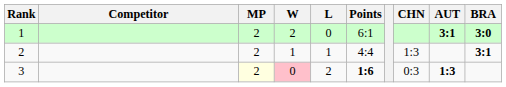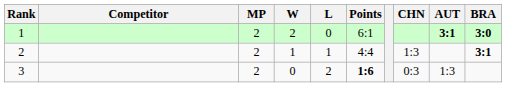 <table class="wikitable" style="text-align:center">
 <tr>
 <th>Rank</th>
 <th style="width:16em">Competitor</th>
 <th style="width:2.5em">MP</th>
 <th style="width:2.5em">W</th>
 <th style="width:2.5em">L</th>
 <th>Points</th>
 <th rowspan="4"> </th>
 <th style="width:2.5em">CHN</th>
 <th style="width:2.5em">AUT</th>
 <th style="width:2.5em">BRA</th>
 </tr>
 <tr style="background:#cfc;">
 <td>1</td>
 <td style="text-align:left"></td>
 <td>2</td>
 <td>2</td>
 <td>0</td>
 <td>6:1</td>
 <td></td>
 <td><strong>3:1</strong></td>
 <td><strong>3:0</strong></td>
 </tr>
 <tr>
 <td>2</td>
 <td style="text-align:left"></td>
 <td>2</td>
 <td>1</td>
 <td>1</td>
 <td>4:4</td>
 <td>1:3</td>
 <td></td>
 <td><strong>3:1</strong></td>
 </tr>
 <tr>
 <td>3</td>
 <td style="text-align:left"></td>
-<td style="background: lightyellow;">2</td>
-<td style="background: pink;">0</td>
+<td>2</td>
+<td>0</td>
 <td>2</td>
 <td><strong>1:6</strong></td>
 <td>0:3</td>
-<td><strong>1:3</strong></td>
+<td>1:3</td>
 <td></td>
 </tr>
 </table>
